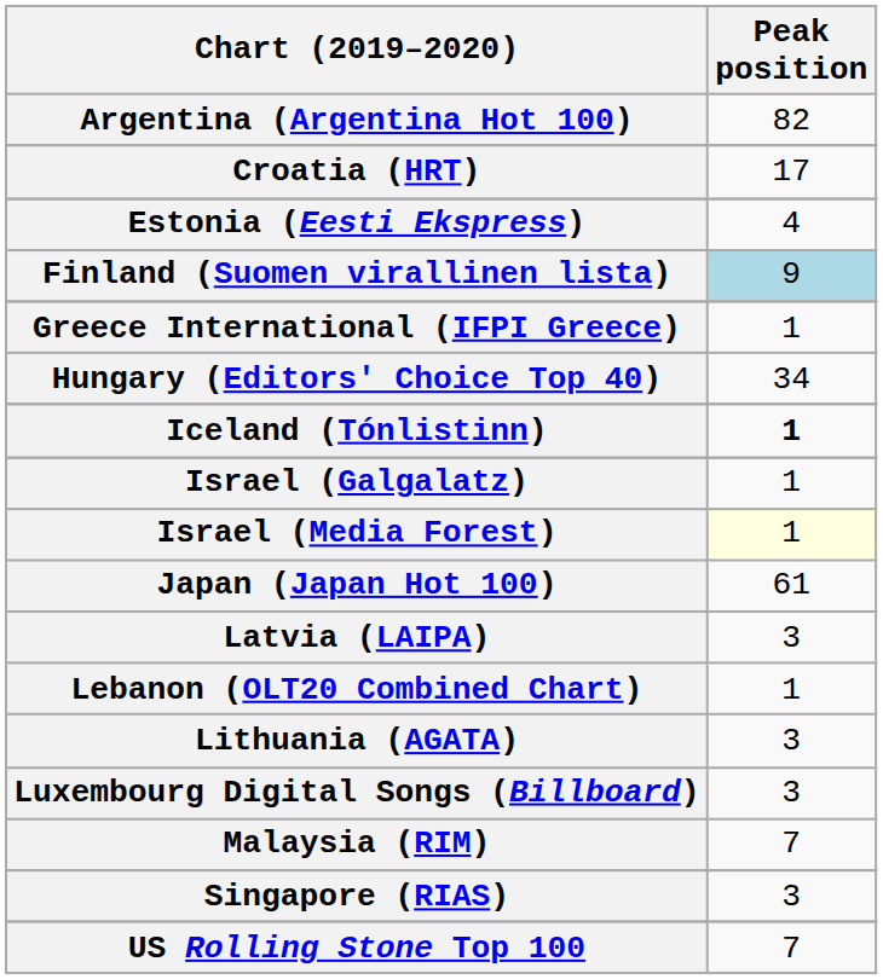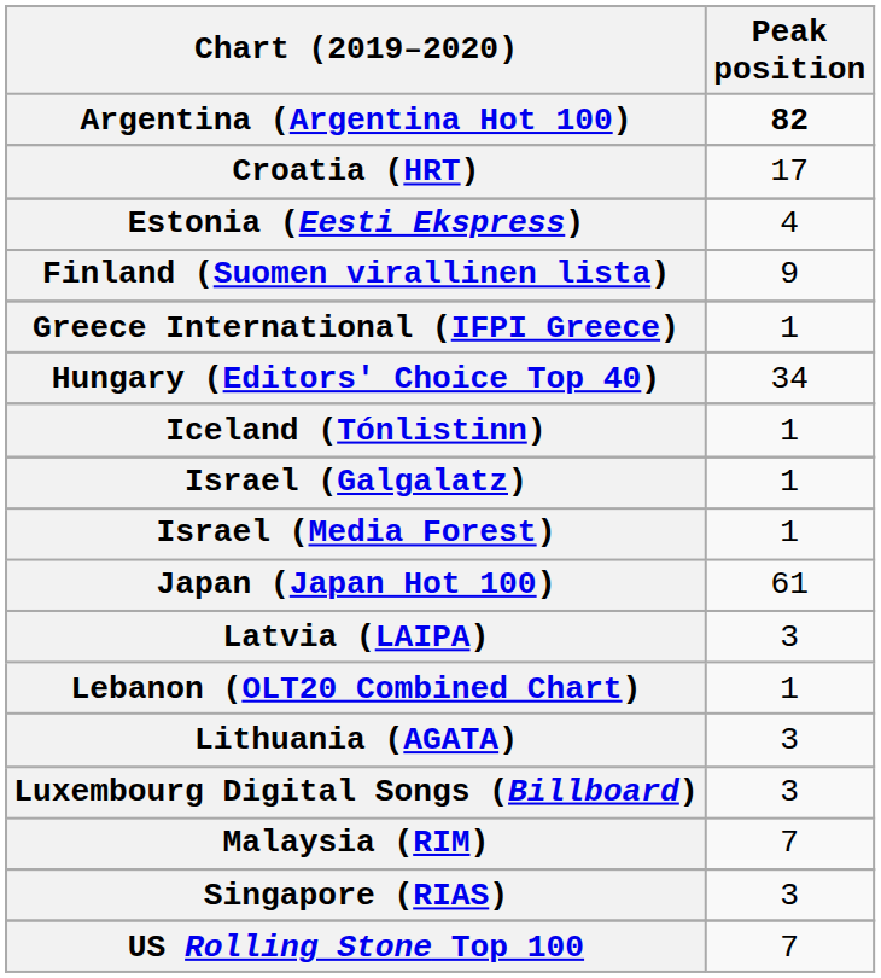 <table class="wikitable sortable plainrowheaders" style="text-align:center">
 <tr>
 <th scope="col">Chart (2019–2020)</th>
 <th scope="col">Peak<br>position</th>
 </tr>
 <tr>
 <th scope="row">Argentina (<a href='#'>Argentina Hot 100</a>)</th>
-<td>82</td>
+<td><strong>82</strong></td>
 </tr>
 <tr>
 </tr>
 <tr>
 </tr>
 <tr>
 </tr>
 <tr>
 </tr>
 <tr>
 </tr>
 <tr>
 <th scope="row">Croatia (<a href='#'>HRT</a>)</th>
 <td>17</td>
 </tr>
 <tr>
 </tr>
 <tr>
 </tr>
 <tr>
 <th scope="row">Estonia (<em><a href='#'>Eesti Ekspress</a></em>)</th>
 <td>4</td>
 </tr>
 <tr>
 <th scope="row">Finland (<a href='#'>Suomen virallinen lista</a>)</th>
-<td style="background: lightblue;">9</td>
+<td>9</td>
 </tr>
 <tr>
 </tr>
 <tr>
 </tr>
 <tr>
 <th scope="row">Greece International (<a href='#'>IFPI Greece</a>)</th>
 <td>1</td>
 </tr>
 <tr>
 <th scope="row">Hungary (<a href='#'>Editors' Choice Top 40</a>)</th>
 <td>34</td>
 </tr>
 <tr>
 </tr>
 <tr>
 </tr>
 <tr>
 <th scope="row">Iceland (<a href='#'>Tónlistinn</a>)</th>
-<td><strong>1</strong></td>
+<td>1</td>
 </tr>
 <tr>
 </tr>
 <tr>
 </tr>
 <tr>
 <th scope="row">Israel (<a href='#'>Galgalatz</a>)</th>
 <td>1</td>
 </tr>
 <tr>
 <th scope="row">Israel (<a href='#'>Media Forest</a>)</th>
-<td style="background: lightyellow;">1</td>
+<td>1</td>
 </tr>
 <tr>
 <th scope="row">Japan (<a href='#'>Japan Hot 100</a>)</th>
 <td>61</td>
 </tr>
 <tr>
 <th scope="row">Latvia (<a href='#'>LAIPA</a>)</th>
 <td>3</td>
 </tr>
 <tr>
 <th scope="row">Lebanon (<a href='#'>OLT20 Combined Chart</a>)</th>
 <td>1</td>
 </tr>
 <tr>
 <th scope="row">Lithuania (<a href='#'>AGATA</a>)</th>
 <td>3</td>
 </tr>
 <tr>
 <th scope="row">Luxembourg Digital Songs (<em><a href='#'>Billboard</a></em>)</th>
 <td>3</td>
 </tr>
 <tr>
 <th scope="row">Malaysia (<a href='#'>RIM</a>)</th>
 <td>7</td>
 </tr>
 <tr>
 </tr>
 <tr>
 </tr>
 <tr>
 </tr>
 <tr>
 </tr>
 <tr>
 </tr>
 <tr>
 </tr>
 <tr>
 </tr>
 <tr>
 <th scope="row">Singapore (<a href='#'>RIAS</a>)</th>
 <td>3</td>
 </tr>
 <tr>
 </tr>
 <tr>
 </tr>
 <tr>
 </tr>
 <tr>
 </tr>
 <tr>
 </tr>
 <tr>
 </tr>
 <tr>
 </tr>
 <tr>
 </tr>
 <tr>
 </tr>
 <tr>
 </tr>
 <tr>
 <th scope="row">US <a href='#'><em>Rolling Stone</em> Top 100</a></th>
 <td>7</td>
 </tr>
 </table>
